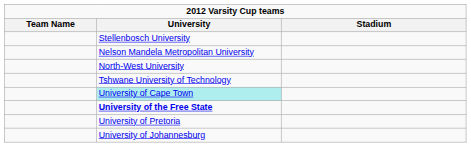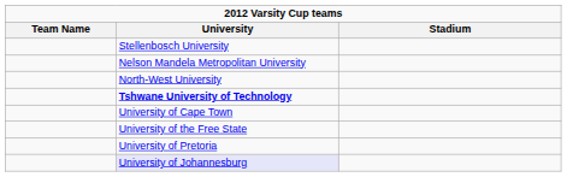 <table class="wikitable" style="text-align:left; line-height:110%; font-size:90%; width:60%;">
 <tr>
 <td colspan=4 align=center><strong>2012 Varsity Cup teams</strong></td>
 </tr>
 <tr>
 <th width="20%">Team Name</th>
 <th width="40%">University</th>
 <th width="40%">Stadium</th>
 </tr>
 <tr>
 <td></td>
 <td><a href='#'>Stellenbosch University</a></td>
 <td></td>
 </tr>
 <tr>
 <td></td>
 <td><a href='#'>Nelson Mandela Metropolitan University</a></td>
 <td></td>
 </tr>
 <tr>
 <td></td>
 <td><a href='#'>North-West University</a></td>
 <td></td>
 </tr>
 <tr>
 <td></td>
-<td><a href='#'>Tshwane University of Technology</a></td>
+<td><strong><a href='#'>Tshwane University of Technology</a></strong></td>
 <td></td>
 </tr>
 <tr>
 <td></td>
-<td style="background: paleturquoise;"><a href='#'>University of Cape Town</a></td>
+<td><a href='#'>University of Cape Town</a></td>
 <td></td>
 </tr>
 <tr>
 <td></td>
-<td><strong><a href='#'>University of the Free State</a></strong></td>
+<td><a href='#'>University of the Free State</a></td>
 <td></td>
 </tr>
 <tr>
 <td></td>
 <td><a href='#'>University of Pretoria</a></td>
 <td></td>
 </tr>
 <tr>
 <td></td>
-<td><a href='#'>University of Johannesburg</a></td>
+<td style="background: lavender;"><a href='#'>University of Johannesburg</a></td>
 <td></td>
 </tr>
 </table>
